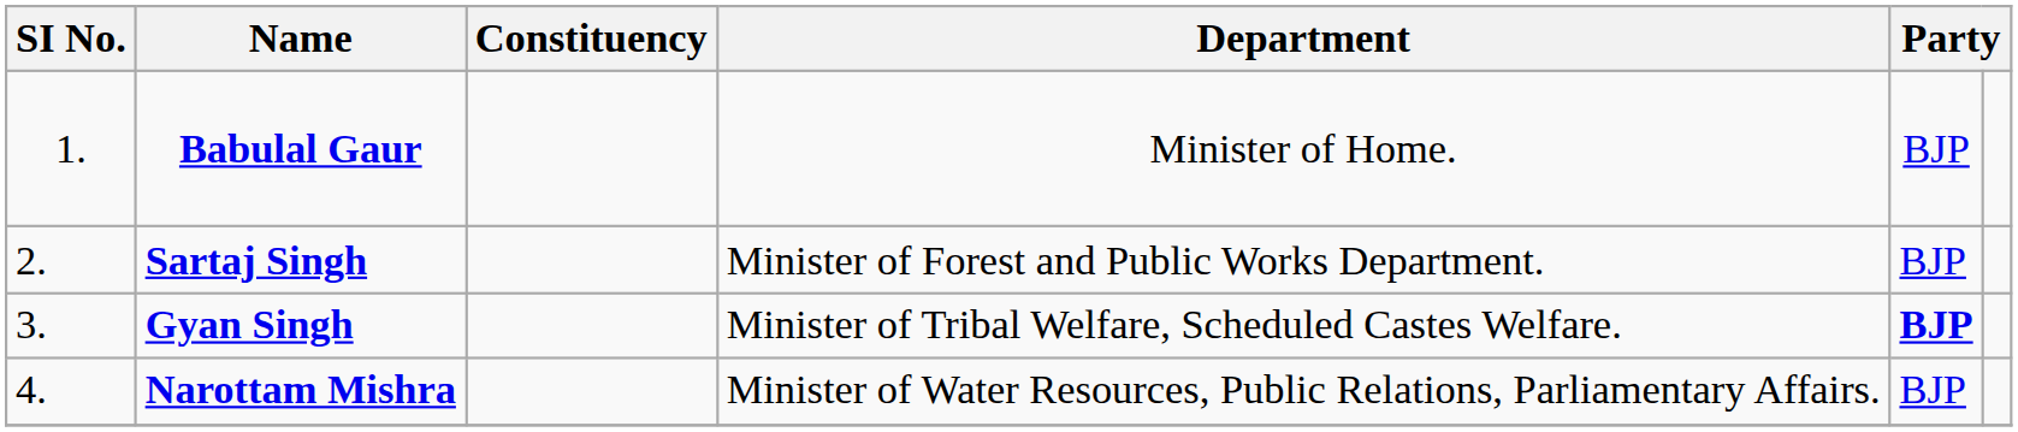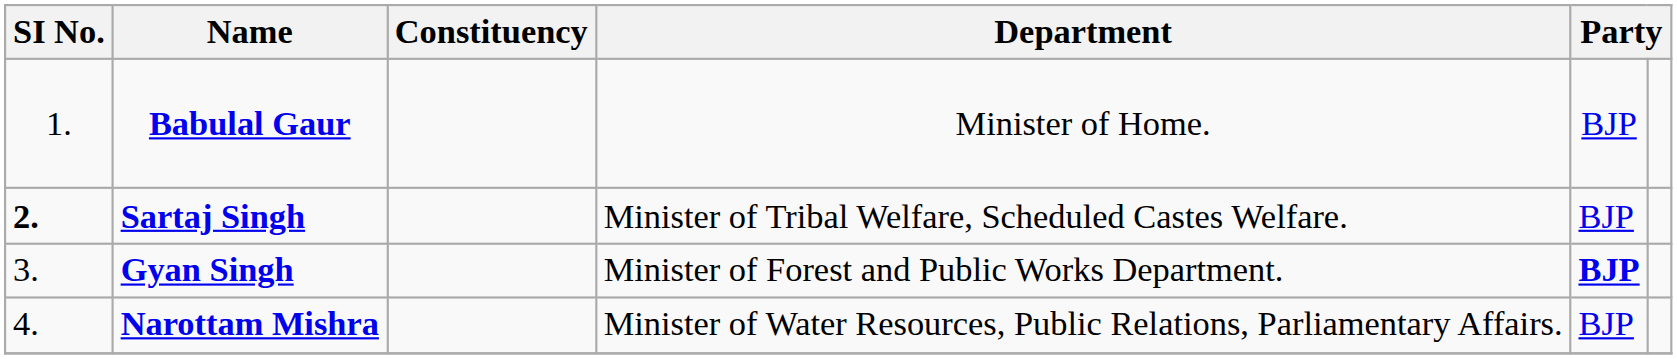 <table class = "wikitable">
 <tr>
 <th>SI No.</th>
 <th>Name</th>
 <th>Constituency</th>
 <th>Department</th>
 <th colspan="2" scope="col">Party</th>
 </tr>
 <tr style="text-align:center; height:60px;">
 <td>1.</td>
 <td><strong><a href='#'>Babulal Gaur</a></strong></td>
 <td></td>
 <td>Minister of Home.</td>
 <td><a href='#'>BJP</a></td>
 <td width="4px" style="background-color: "></td>
 </tr>
 <tr>
-<td>2.</td>
+<td><strong>2.</strong></td>
 <td><strong><a href='#'>Sartaj Singh</a></strong></td>
 <td></td>
-<td>Minister of Forest and Public Works Department.</td>
+<td>Minister of Tribal Welfare, Scheduled Castes Welfare.</td>
 <td><a href='#'>BJP</a></td>
 <td width="4px" style="background-color: "></td>
 </tr>
 <tr>
 <td>3.</td>
 <td><strong><a href='#'>Gyan Singh</a></strong></td>
 <td></td>
-<td>Minister of Tribal Welfare, Scheduled Castes Welfare.</td>
+<td>Minister of Forest and Public Works Department.</td>
 <td><strong><a href='#'>BJP</a></strong></td>
 <td width="4px" style="background-color: "></td>
 </tr>
 <tr>
 <td>4.</td>
 <td><strong><a href='#'>Narottam Mishra</a></strong></td>
 <td></td>
 <td>Minister of Water Resources, Public Relations, Parliamentary Affairs.</td>
 <td><a href='#'>BJP</a></td>
 <td width="4px" style="background-color: "></td>
 </tr>
 <tr>
 </tr>
 </table>
